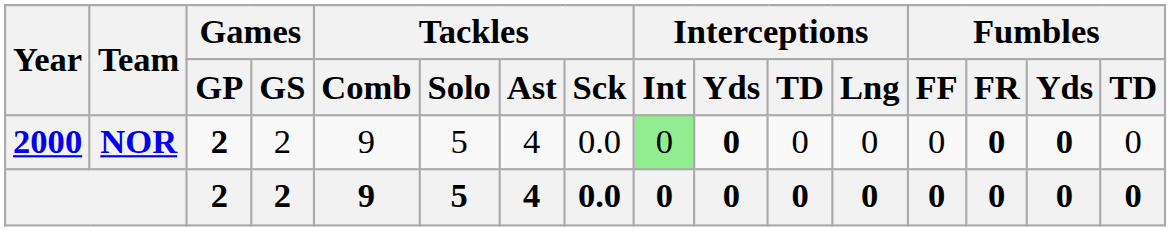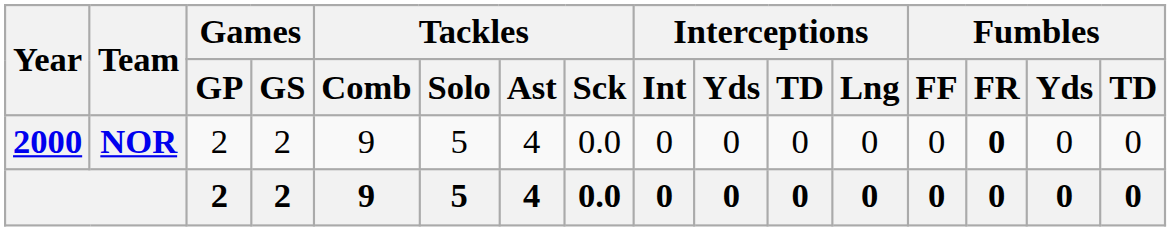 <table class="wikitable" style="text-align:center">
 <tr>
 <th rowspan="2">Year</th>
 <th rowspan="2">Team</th>
 <th colspan="2">Games</th>
 <th colspan="4">Tackles</th>
 <th colspan="4">Interceptions</th>
 <th colspan="4">Fumbles</th>
 </tr>
 <tr>
 <th>GP</th>
 <th>GS</th>
 <th>Comb</th>
 <th>Solo</th>
 <th>Ast</th>
 <th>Sck</th>
 <th>Int</th>
 <th>Yds</th>
 <th>TD</th>
 <th>Lng</th>
 <th>FF</th>
 <th>FR</th>
 <th>Yds</th>
 <th>TD</th>
 </tr>
 <tr>
 <th><a href='#'>2000</a></th>
 <th><a href='#'>NOR</a></th>
-<td><strong>2</strong></td>
+<td>2</td>
 <td>2</td>
 <td>9</td>
 <td>5</td>
 <td>4</td>
 <td>0.0</td>
-<td style="background: lightgreen;">0</td>
-<td><strong>0</strong></td>
+<td>0</td>
+<td>0</td>
 <td>0</td>
 <td>0</td>
 <td>0</td>
 <td><strong>0</strong></td>
-<td><strong>0</strong></td>
+<td>0</td>
 <td>0</td>
 </tr>
 <tr>
 <th colspan="2"></th>
 <th>2</th>
 <th>2</th>
 <th>9</th>
 <th>5</th>
 <th>4</th>
 <th>0.0</th>
 <th>0</th>
 <th>0</th>
 <th>0</th>
 <th>0</th>
 <th>0</th>
 <th>0</th>
 <th>0</th>
 <th>0</th>
 </tr>
 </table>
